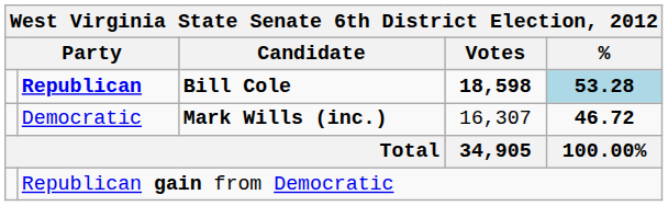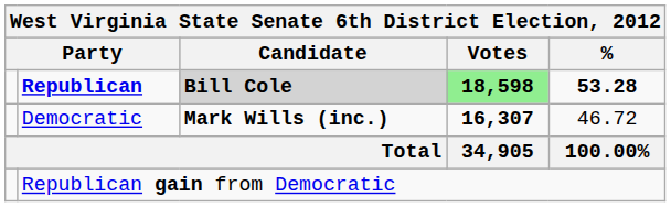 <table class="wikitable">
 <tr>
 <th colspan="6">West Virginia State Senate 6th District Election, 2012</th>
 </tr>
 <tr>
 <th colspan=2>Party</th>
 <th>Candidate</th>
 <th>Votes</th>
 <th>%</th>
 </tr>
 <tr>
 <td></td>
 <td><strong><a href='#'>Republican</a></strong></td>
-<td><strong>Bill Cole</strong></td>
-<td align=center><strong>18,598</strong></td>
-<td align=center style="background: lightblue;"><strong>53.28</strong></td>
+<td style="background: lightgrey;"><strong>Bill Cole</strong></td>
+<td align=center style="background: lightgreen;"><strong>18,598</strong></td>
+<td align=center><strong>53.28</strong></td>
 </tr>
 <tr>
 <td></td>
 <td><a href='#'>Democratic</a></td>
 <td><strong>Mark Wills (inc.)</strong></td>
-<td align=center>16,307</td>
-<td align=center><strong>46.72</strong></td>
+<td align=center><strong>16,307</strong></td>
+<td align=center>46.72</td>
 </tr>
 <tr>
 <th colspan=3; style="text-align:right;">Total</th>
 <th align=center>34,905</th>
 <th align=center>100.00%</th>
 </tr>
 <tr>
 <td></td>
 <td colspan=6; style="text-align:left;"><a href='#'>Republican</a> <strong>gain</strong> from <a href='#'>Democratic</a></td>
 </tr>
 </table>
